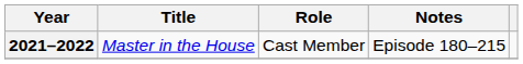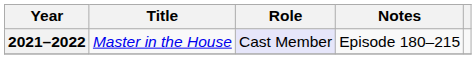 <table class="wikitable  plainrowheaders">
 <tr>
 <th scope="col">Year</th>
 <th scope="col">Title</th>
 <th scope="col">Role</th>
 <th scope="col">Notes</th>
 <th scope="col" class="unsortable"></th>
 </tr>
 <tr>
 <th scope="row">2021–2022</th>
 <td><em><a href='#'>Master in the House</a></em></td>
-<td>Cast Member</td>
+<td style="background: lavender;">Cast Member</td>
 <td>Episode 180–215</td>
 <td></td>
 </tr>
 <tr>
 </tr>
 </table>
